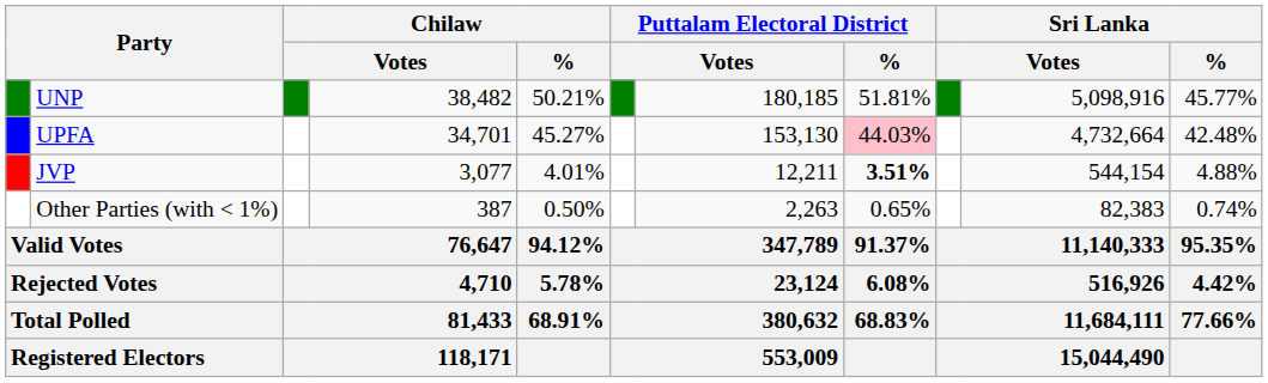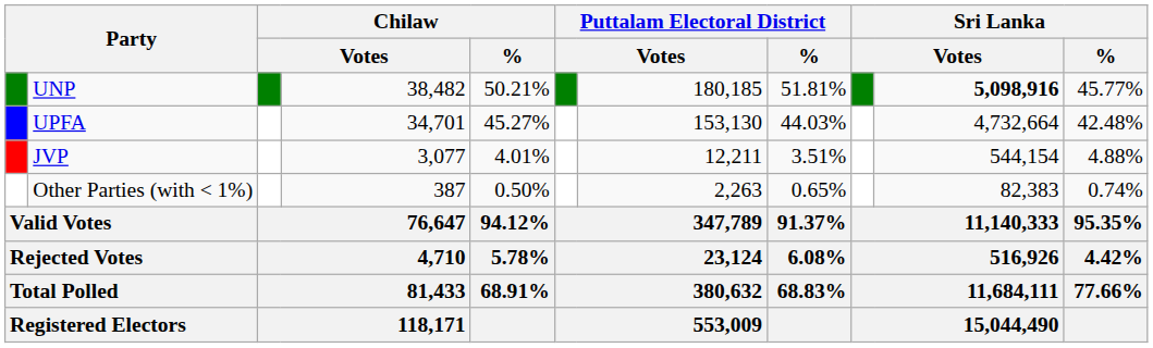 <table class="wikitable">
 <tr>
 <th colspan="2" width="144px"rowspan="2">Party</th>
 <th colspan="3" width="216px">Chilaw</th>
 <th colspan="3" width="216px"><a href='#'>Puttalam Electoral District</a></th>
 <th colspan="3" width="216px">Sri Lanka</th>
 </tr>
 <tr>
 <th colspan="2" width="144px">Votes</th>
 <th>%</th>
 <th colspan="2" width="144px">Votes</th>
 <th>%</th>
 <th colspan="2" width="144px">Votes</th>
 <th>%</th>
 </tr>
 <tr>
 <td style="background-color:green;" width="10px"></td>
 <td style="text-align:left;"><a href='#'>UNP</a></td>
 <td style="background-color:green;" width="10px"></td>
 <td style="text-align:right;">38,482</td>
 <td style="text-align:right;">50.21%</td>
 <td style="background-color:green;" width="10px"></td>
 <td style="text-align:right;">180,185</td>
 <td style="text-align:right;">51.81%</td>
 <td style="background-color:green;" width="10px"></td>
-<td style="text-align:right;">5,098,916</td>
+<td style="text-align:right;"><strong>5,098,916</strong></td>
 <td style="text-align:right;">45.77%</td>
 </tr>
 <tr>
 <td style="background-color:blue;" width="10px"></td>
 <td style="text-align:left;"><a href='#'>UPFA</a></td>
 <td style="background-color:white;" width="10px"></td>
 <td style="text-align:right;">34,701</td>
 <td style="text-align:right;">45.27%</td>
 <td style="background-color:white;" width="10px"></td>
 <td style="text-align:right;">153,130</td>
-<td style="background: pink; text-align:right;">44.03%</td>
+<td style="text-align:right;">44.03%</td>
 <td style="background-color:white;" width="10px"></td>
 <td style="text-align:right;">4,732,664</td>
 <td style="text-align:right;">42.48%</td>
 </tr>
 <tr>
 <td style="background-color:red;" width="10px"></td>
 <td style="text-align:left;"><a href='#'>JVP</a></td>
 <td style="background-color:white;" width="10px"></td>
 <td style="text-align:right;">3,077</td>
 <td style="text-align:right;">4.01%</td>
 <td style="background-color:white;" width="10px"></td>
 <td style="text-align:right;">12,211</td>
-<td style="text-align:right;"><strong>3.51%</strong></td>
+<td style="text-align:right;">3.51%</td>
 <td style="background-color:white;" width="10px"></td>
 <td style="text-align:right;">544,154</td>
 <td style="text-align:right;">4.88%</td>
 </tr>
 <tr>
 <td style="background-color:white;" width="10px"></td>
 <td style="text-align:left;">Other Parties (with < 1%)</td>
 <td style="background-color:white;" width="10px"></td>
 <td style="text-align:right;">387</td>
 <td style="text-align:right;">0.50%</td>
 <td style="background-color:white;" width="10px"></td>
 <td style="text-align:right;">2,263</td>
 <td style="text-align:right;">0.65%</td>
 <td style="background-color:white;" width="10px"></td>
 <td style="text-align:right;">82,383</td>
 <td style="text-align:right;">0.74%</td>
 </tr>
 <tr>
 <th colspan="2" width="144px"style="text-align:left;">Valid Votes</th>
 <th style="text-align:right;"colspan="2" width="144px">76,647</th>
 <th style="text-align:right;">94.12%</th>
 <th style="text-align:right;"colspan="2" width="144px">347,789</th>
 <th style="text-align:right;">91.37%</th>
 <th style="text-align:right;"colspan="2" width="144px">11,140,333</th>
 <th style="text-align:right;">95.35%</th>
 </tr>
 <tr>
 <th colspan="2" width="144px"style="text-align:left;">Rejected Votes</th>
 <th style="text-align:right;"colspan="2" width="144px">4,710</th>
 <th style="text-align:right;">5.78%</th>
 <th style="text-align:right;"colspan="2" width="144px">23,124</th>
 <th style="text-align:right;">6.08%</th>
 <th style="text-align:right;"colspan="2" width="144px">516,926</th>
 <th style="text-align:right;">4.42%</th>
 </tr>
 <tr>
 <th colspan="2" width="144px"style="text-align:left;">Total Polled</th>
 <th style="text-align:right;"colspan="2" width="144px">81,433</th>
 <th style="text-align:right;">68.91%</th>
 <th style="text-align:right;"colspan="2" width="144px">380,632</th>
 <th style="text-align:right;">68.83%</th>
 <th style="text-align:right;"colspan="2" width="144px">11,684,111</th>
 <th style="text-align:right;">77.66%</th>
 </tr>
 <tr>
 <th colspan="2" width="144px"style="text-align:left;">Registered Electors</th>
 <th style="text-align:right;"colspan="2" width="144px">118,171</th>
 <th></th>
 <th style="text-align:right;"colspan="2" width="144px">553,009</th>
 <th></th>
 <th style="text-align:right;"colspan="2" width="144px">15,044,490</th>
 <th></th>
 </tr>
 </table>
